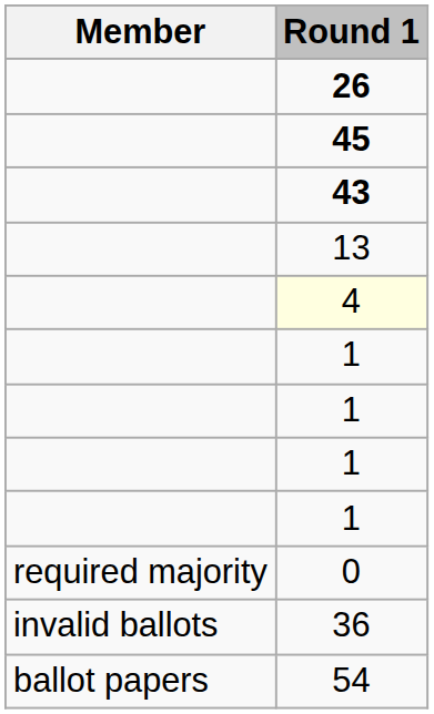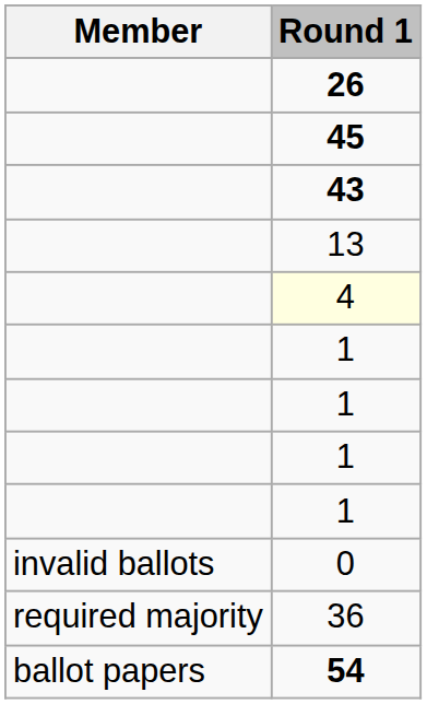 <table class="wikitable collapsible">
 <tr>
 <th>Member</th>
 <td style="background:silver;"><strong>Round 1</strong></td>
 </tr>
 <tr>
 <td></td>
 <td style="text-align:center;"><strong>26</strong></td>
 </tr>
 <tr>
 <td></td>
 <td style="text-align:center;"><strong>45</strong></td>
 </tr>
 <tr>
 <td></td>
 <td style="text-align:center;"><strong>43</strong></td>
 </tr>
 <tr>
 <td></td>
 <td style="text-align:center;">13</td>
 </tr>
 <tr>
 <td></td>
 <td style="background: lightyellow; text-align:center;">4</td>
 </tr>
 <tr>
 <td></td>
 <td style="text-align:center;">1</td>
 </tr>
 <tr>
 <td></td>
 <td style="text-align:center;">1</td>
 </tr>
 <tr>
 <td></td>
 <td style="text-align:center;">1</td>
 </tr>
 <tr>
 <td></td>
 <td style="text-align:center;">1</td>
 </tr>
 <tr>
-<td>required majority</td>
+<td>invalid ballots</td>
 <td style="text-align:center;">0</td>
 </tr>
 <tr>
-<td>invalid ballots</td>
+<td>required majority</td>
 <td style="text-align:center;">36</td>
 </tr>
 <tr>
 <td>ballot papers</td>
-<td style="text-align:center;">54</td>
+<td style="text-align:center;"><strong>54</strong></td>
 </tr>
 </table>
